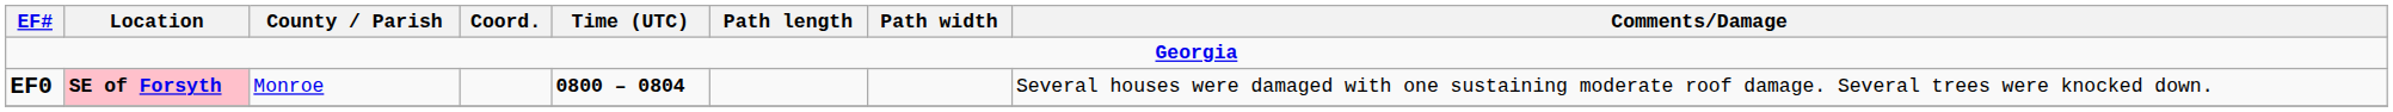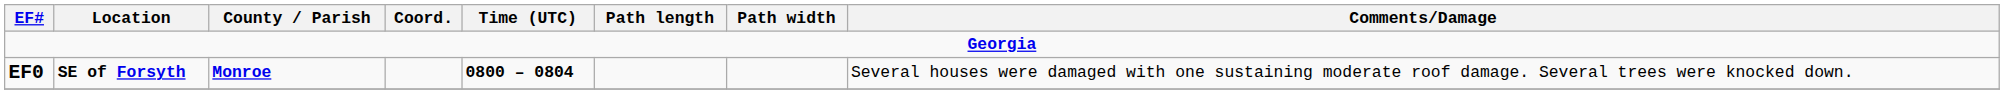 <table class="wikitable collapsible" style="width:100%;">
 <tr>
 <th scope="col"><a href='#'>EF#</a></th>
 <th scope="col">Location</th>
 <th>County / Parish</th>
 <th scope="col">Coord.</th>
 <th scope="col">Time (UTC)</th>
 <th scope="col">Path length</th>
 <th scope="col">Path width</th>
 <th scope="col">Comments/Damage</th>
 </tr>
 <tr>
 <td colspan="8" align=center><strong><a href='#'>Georgia</a></strong></td>
 </tr>
 <tr>
 <td><big><strong>EF0</strong></big></td>
-<td style="background: pink;"><strong>SE of <a href='#'>Forsyth</a></strong></td>
-<td><a href='#'>Monroe</a></td>
+<td><strong>SE of <a href='#'>Forsyth</a></strong></td>
+<td><strong><a href='#'>Monroe</a></strong></td>
 <td></td>
 <td><strong>0800 – 0804</strong></td>
 <td></td>
 <td></td>
 <td>Several houses were damaged with one sustaining moderate roof damage. Several trees were knocked down.</td>
 </tr>
 <tr>
 </tr>
 </table>
